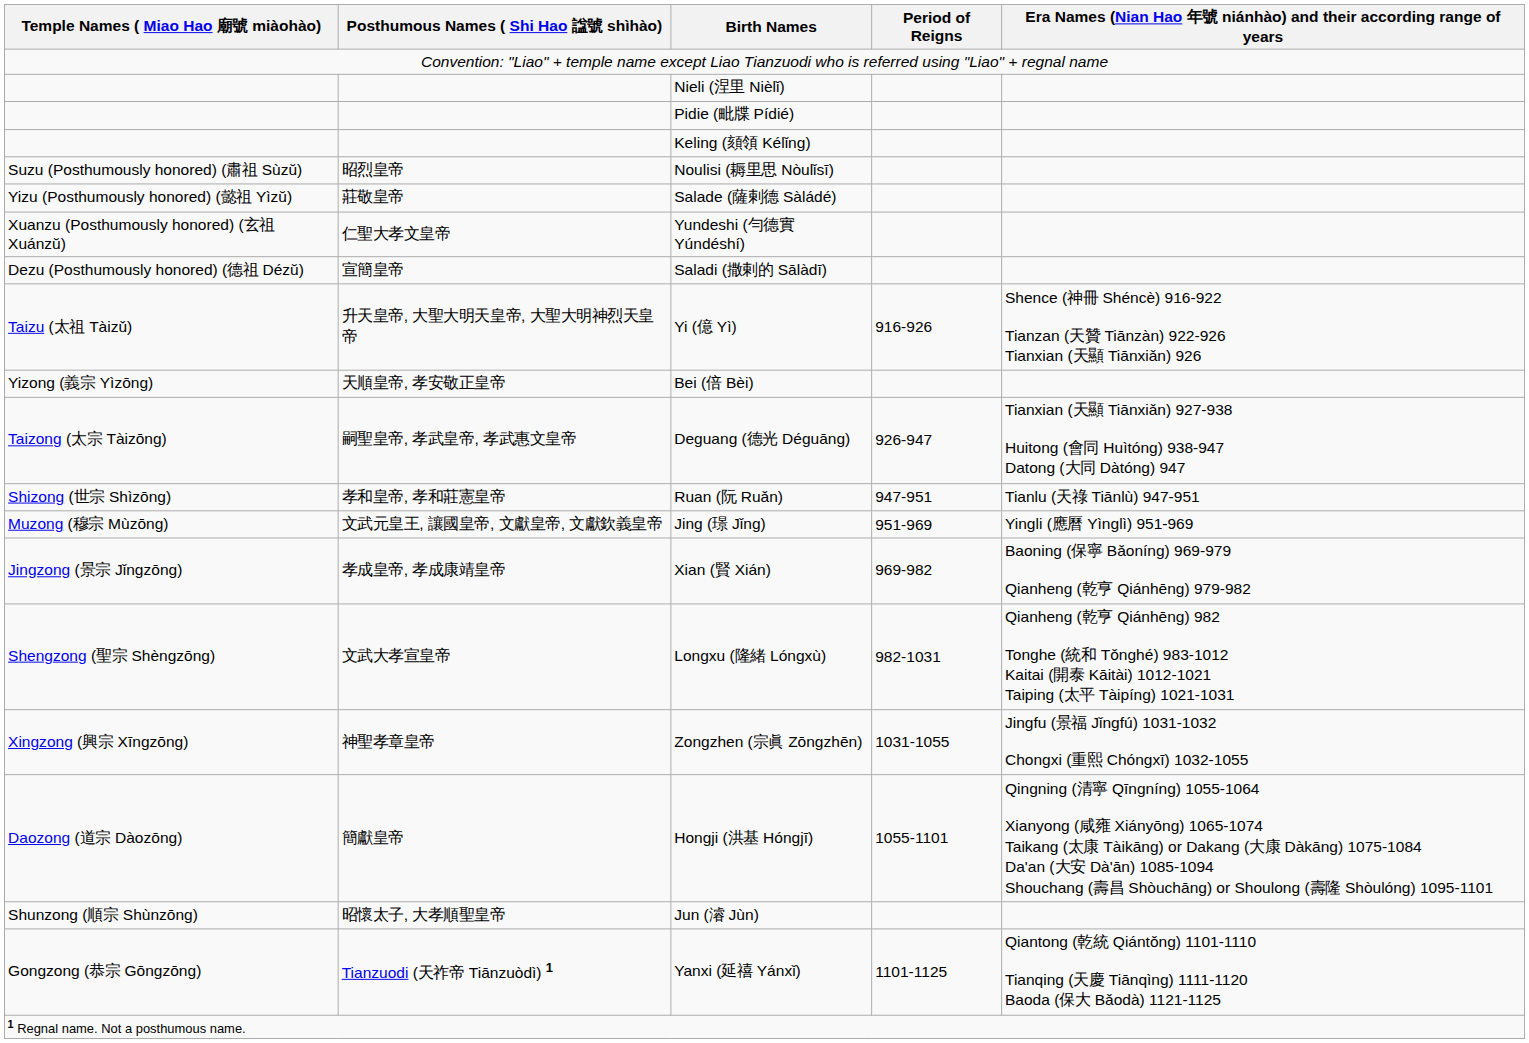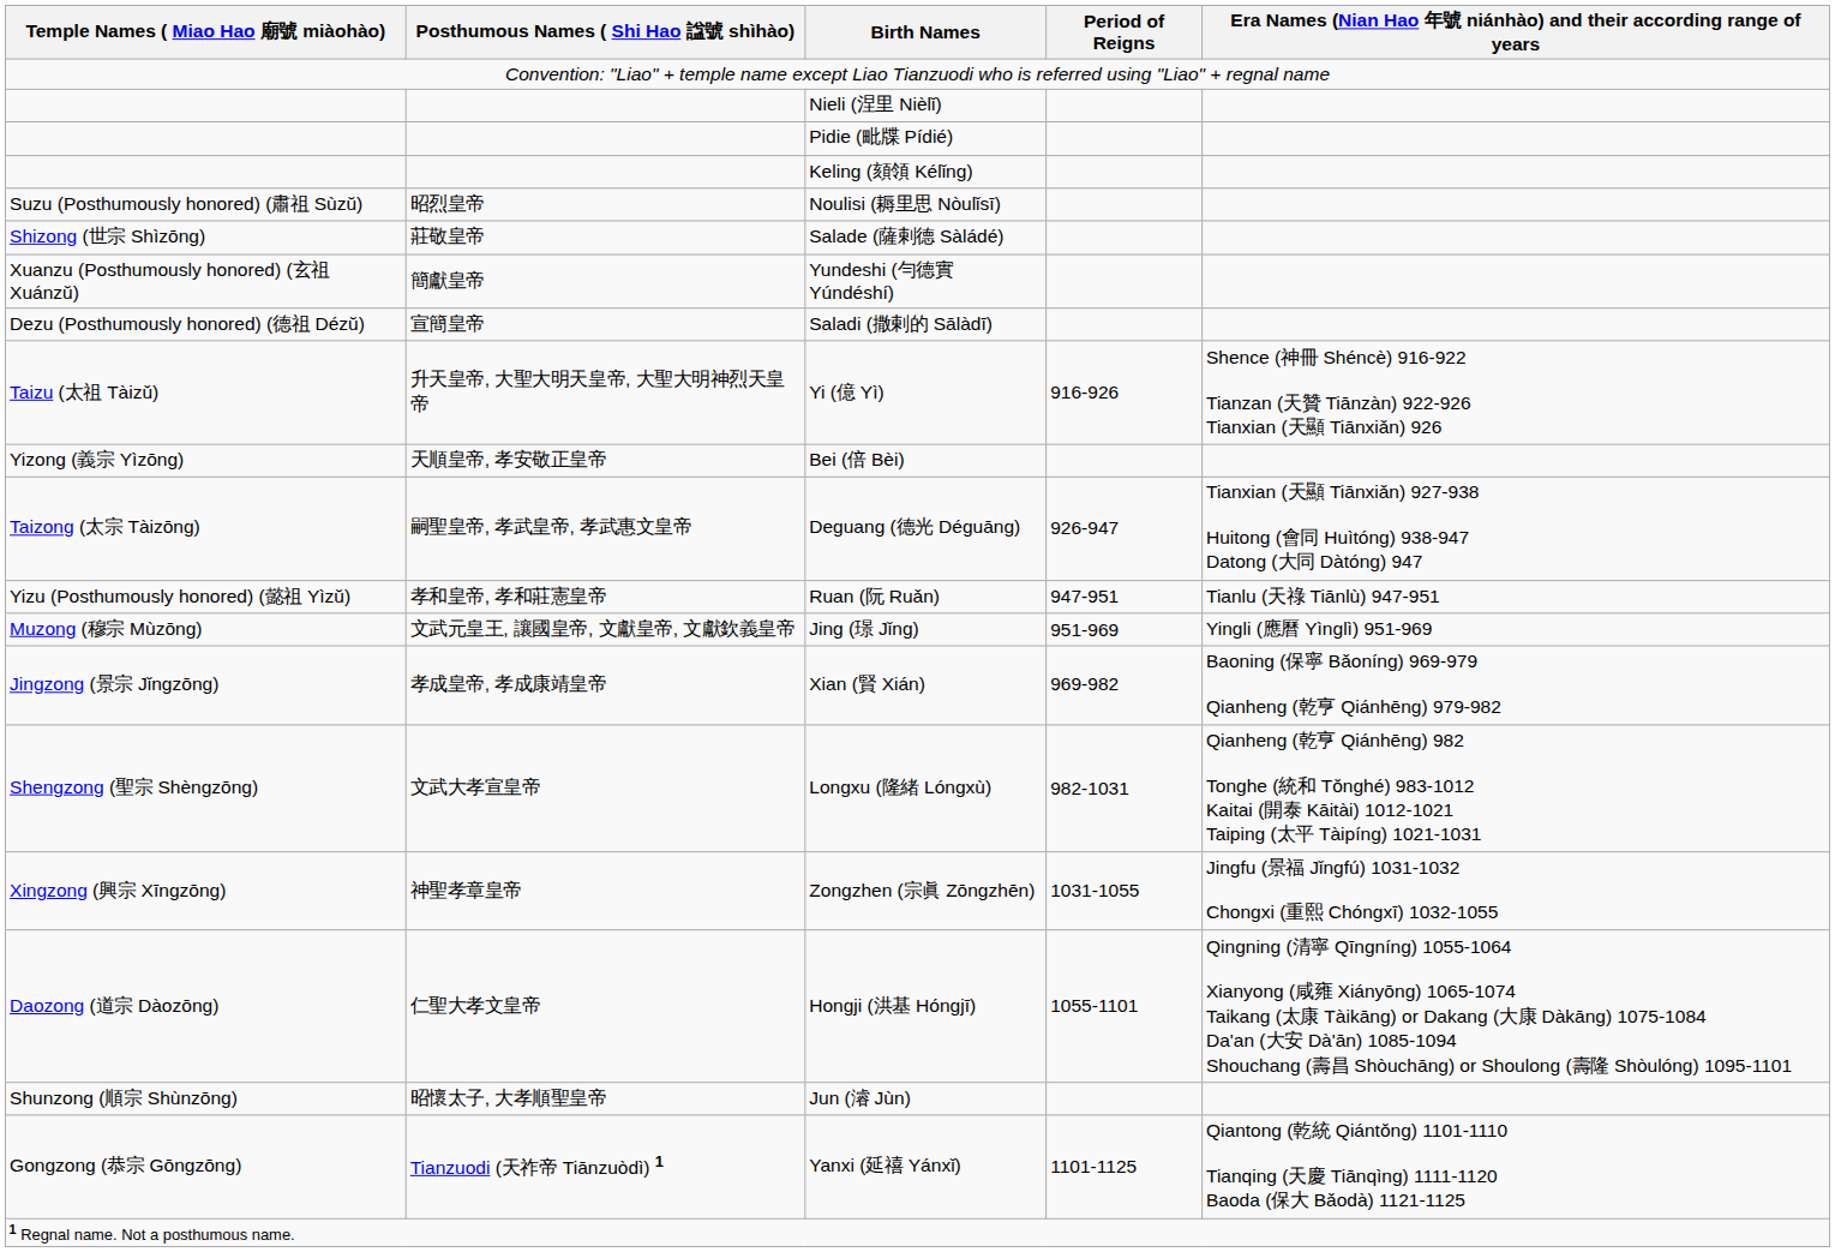 <table class="wikitable">
 <tr>
 <th>Temple Names ( <a href='#'>Miao Hao</a> 廟號 miàohào)</th>
 <th>Posthumous Names ( <a href='#'>Shi Hao</a> 諡號 shìhào)</th>
 <th>Birth Names</th>
 <th>Period of Reigns</th>
 <th>Era Names (<a href='#'>Nian Hao</a> 年號 niánhào) and their according range of years</th>
 </tr>
 <tr>
 <td colspan="5" align="center"><em>Convention: "Liao" + temple name except Liao Tianzuodi who is referred using "Liao" + regnal name</em></td>
 </tr>
 <tr>
 <td></td>
 <td></td>
 <td>Nieli (涅里 Nièlǐ)</td>
 <td></td>
 <td></td>
 </tr>
 <tr>
 <td></td>
 <td></td>
 <td>Pidie (毗牒 Pídié)</td>
 <td></td>
 <td></td>
 </tr>
 <tr>
 <td></td>
 <td></td>
 <td>Keling (頦領 Kélǐng)</td>
 <td></td>
 <td></td>
 </tr>
 <tr>
 <td Emperor Suzu of Liao>Suzu (Posthumously honored) (肅祖 Sùzŭ)</td>
 <td>昭烈皇帝</td>
 <td>Noulisi (耨里思 Nòulǐsī)</td>
 <td></td>
 <td></td>
 </tr>
 <tr>
-<td Emperor Yizu of Liao>Yizu (Posthumously honored) (懿祖 Yìzŭ)</td>
+<td><a href='#'>Shizong</a> (世宗 Shìzōng)</td>
 <td>莊敬皇帝</td>
 <td>Salade (薩剌德 Sàládé)</td>
 <td></td>
 <td></td>
 </tr>
 <tr>
 <td Emperor Xuanzu of Liao>Xuanzu (Posthumously honored) (玄祖 Xuánzŭ)</td>
-<td>仁聖大孝文皇帝</td>
+<td>簡獻皇帝</td>
 <td>Yundeshi (勻德實 Yúndéshí)</td>
 <td></td>
 <td></td>
 </tr>
 <tr>
 <td Emperor Dezu of Liao>Dezu (Posthumously honored) (德祖 Dézŭ)</td>
 <td>宣簡皇帝</td>
 <td>Saladi (撒剌的 Sālàdī)</td>
 <td></td>
 <td></td>
 </tr>
 <tr>
 <td><a href='#'>Taizu</a> (太祖 Tàizǔ)</td>
 <td>升天皇帝, 大聖大明天皇帝, 大聖大明神烈天皇帝</td>
 <td>Yi (億 Yì)</td>
 <td>916-926</td>
 <td>Shence (神冊 Shéncè) 916-922<br><br>Tianzan (天贊 Tiānzàn) 922-926<br> Tianxian (天顯 Tiānxiǎn) 926</td>
 </tr>
 <tr>
 <td>Yizong (義宗 Yìzōng)</td>
 <td>天順皇帝, 孝安敬正皇帝</td>
 <td>Bei (倍 Bèi)</td>
 <td></td>
 <td></td>
 </tr>
 <tr>
 <td><a href='#'>Taizong</a> (太宗 Tàizōng)</td>
 <td>嗣聖皇帝, 孝武皇帝, 孝武惠文皇帝</td>
 <td>Deguang (德光 Déguāng)</td>
 <td>926-947</td>
 <td>Tianxian (天顯 Tiānxiǎn) 927-938<br><br>Huitong (會同 Huìtóng) 938-947<br> Datong (大同 Dàtóng) 947</td>
 </tr>
 <tr>
-<td><a href='#'>Shizong</a> (世宗 Shìzōng)</td>
+<td Emperor Yizu of Liao>Yizu (Posthumously honored) (懿祖 Yìzŭ)</td>
 <td>孝和皇帝, 孝和莊憲皇帝</td>
 <td>Ruan (阮 Ruǎn)</td>
 <td>947-951</td>
 <td>Tianlu (天祿 Tiānlù) 947-951</td>
 </tr>
 <tr>
 <td><a href='#'>Muzong</a> (穆宗 Mùzōng)</td>
 <td>文武元皇王, 讓國皇帝, 文獻皇帝, 文獻欽義皇帝</td>
 <td>Jing (璟 Jǐng)</td>
 <td>951-969</td>
 <td>Yingli (應曆 Yìnglì) 951-969</td>
 </tr>
 <tr>
 <td><a href='#'>Jingzong</a> (景宗 Jǐngzōng)</td>
 <td>孝成皇帝, 孝成康靖皇帝</td>
 <td>Xian (賢 Xián)</td>
 <td>969-982</td>
 <td>Baoning (保寧 Bǎoníng) 969-979<br><br>Qianheng (乾亨 Qiánhēng) 979-982</td>
 </tr>
 <tr>
 <td><a href='#'>Shengzong</a> (聖宗 Shèngzōng)</td>
 <td>文武大孝宣皇帝</td>
 <td>Longxu (隆緒 Lóngxù)</td>
 <td>982-1031</td>
 <td>Qianheng (乾亨 Qiánhēng) 982<br><br>Tonghe (統和 Tǒnghé) 983-1012<br> Kaitai (開泰 Kāitài) 1012-1021<br> Taiping (太平 Tàipíng) 1021-1031</td>
 </tr>
 <tr>
 <td><a href='#'>Xingzong</a> (興宗 Xīngzōng)</td>
 <td>神聖孝章皇帝</td>
 <td>Zongzhen (宗眞 Zōngzhēn)</td>
 <td>1031-1055</td>
 <td>Jingfu (景福 Jǐngfú) 1031-1032<br><br>Chongxi (重熙 Chóngxī) 1032-1055</td>
 </tr>
 <tr>
 <td><a href='#'>Daozong</a> (道宗 Dàozōng)</td>
-<td>簡獻皇帝</td>
+<td>仁聖大孝文皇帝</td>
 <td>Hongji (洪基 Hóngjī)</td>
 <td>1055-1101</td>
 <td>Qingning (清寧 Qīngníng) 1055-1064<br><br>Xianyong (咸雍 Xiányōng) 1065-1074<br> Taikang (太康 Tàikāng) or Dakang (大康 Dàkāng) 1075-1084<br> Da'an (大安 Dà'ān) 1085-1094<br> Shouchang (壽昌 Shòuchāng) or Shoulong (壽隆 Shòulóng) 1095-1101</td>
 </tr>
 <tr>
 <td>Shunzong (順宗 Shùnzōng)</td>
 <td>昭懷太子, 大孝順聖皇帝</td>
 <td>Jun (濬 Jùn)</td>
 <td></td>
 <td></td>
 </tr>
 <tr>
 <td>Gongzong (恭宗 Gōngzōng)</td>
 <td><a href='#'>Tianzuodi</a> (天祚帝 Tiānzuòdì) <sup><strong>1</strong></sup></td>
 <td>Yanxi (延禧 Yánxǐ)</td>
 <td>1101-1125</td>
 <td>Qiantong (乾統 Qiántǒng) 1101-1110<br><br>Tianqing (天慶 Tiānqìng) 1111-1120<br> Baoda (保大 Bǎodà) 1121-1125</td>
 </tr>
 <tr>
 <td colspan="6" style="font-size:smaller"><strong><sup>1</sup></strong> Regnal name. Not a posthumous name.</td>
 </tr>
 </table>
